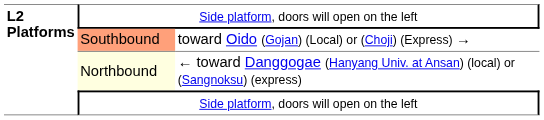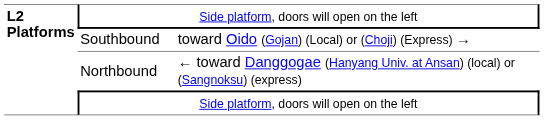 <table table border=0 cellspacing=0 cellpadding=3>
 <tr>
 <td style="border-top:solid 1px gray;border-bottom:solid 1px gray;" width=50 rowspan=10 valign=top><strong>L2<br>Platforms</strong></td>
 <td style="border-top:solid 1px gray;border-right:solid 2px black;border-left:solid 2px black;border-bottom:solid 2px black;text-align:center;" colspan=2><small><a href='#'>Side platform</a>, doors will open on the left</small></td>
 </tr>
 <tr>
-<td style="background: lightsalmon;">Southbound</td>
+<td>Southbound</td>
 <td>  toward <a href='#'>Oido</a> <small>(<a href='#'>Gojan</a>) (Local) or (<a href='#'>Choji</a>) (Express) </small> →</td>
 </tr>
 <tr>
-<td style="background: lightyellow; border-bottom:solid 0px gray;border-top:solid 1px gray;" width=100>Northbound</td>
+<td style="border-bottom:solid 0px gray;border-top:solid 1px gray;" width=100>Northbound</td>
 <td style="border-bottom:solid 0px gray;border-top:solid 1px gray;" width=390>←  toward <a href='#'>Danggogae</a> <small>(<a href='#'>Hanyang Univ. at Ansan</a>) (local) or (<a href='#'>Sangnoksu</a>) (express) </small></td>
 </tr>
 <tr>
 <td style="border-top:solid 2px black;border-right:solid 2px black;border-left:solid 2px black;border-bottom:solid 1px gray;text-align:center;" colspan=2><small><a href='#'>Side platform</a>, doors will open on the left</small></td>
 </tr>
 </table>
